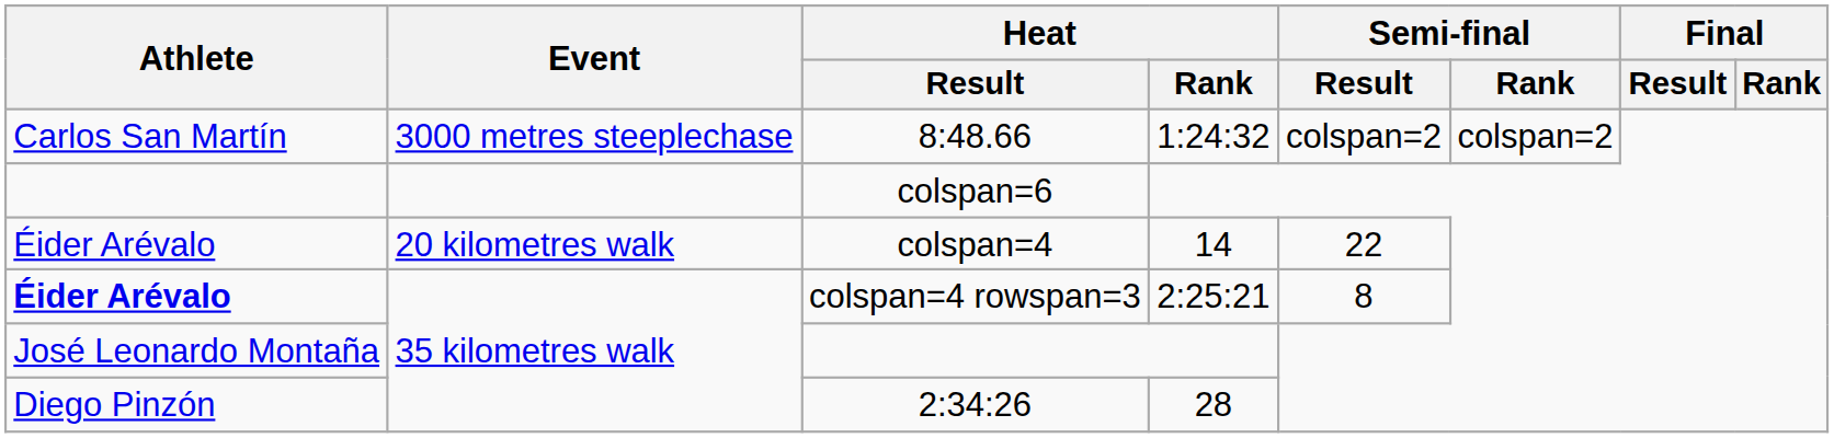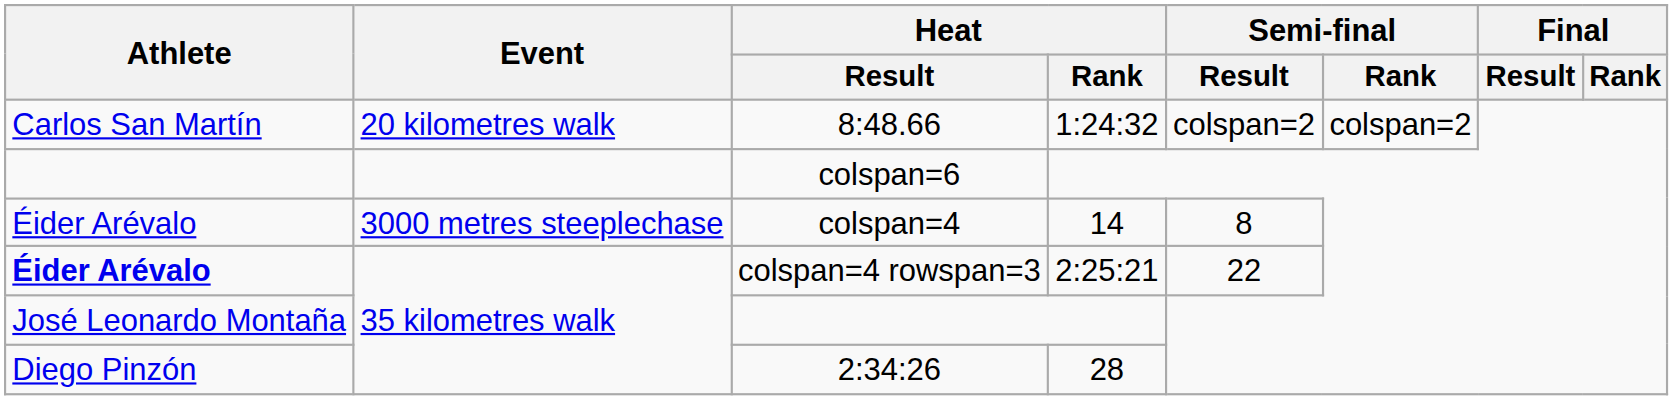 <table class="wikitable" style="font-size:90%">
 <tr>
 <th rowspan="2">Athlete</th>
 <th rowspan="2">Event</th>
 <th colspan="2">Heat</th>
 <th colspan="2">Semi-final</th>
 <th colspan="2">Final</th>
 </tr>
 <tr style="font-size:95%">
 <th>Result</th>
 <th>Rank</th>
 <th>Result</th>
 <th>Rank</th>
 <th>Result</th>
 <th>Rank</th>
 </tr>
 <tr align=center>
 <td align=left><a href='#'>Carlos San Martín</a></td>
-<td align=left><a href='#'>3000 metres steeplechase</a></td>
+<td align=left><a href='#'>20 kilometres walk</a></td>
 <td>8:48.66</td>
 <td>1:24:32</td>
 <td>colspan=2 </td>
 <td>colspan=2 </td>
 </tr>
 <tr align=center>
 <td></td>
 <td></td>
 <td>colspan=6 </td>
 </tr>
 <tr align=center>
 <td align=left><a href='#'>Éider Arévalo</a></td>
-<td align=left><a href='#'>20 kilometres walk</a></td>
+<td align=left><a href='#'>3000 metres steeplechase</a></td>
 <td>colspan=4 </td>
 <td>14</td>
-<td>22</td>
+<td>8</td>
 </tr>
 <tr align=center>
 <td align=left><strong><a href='#'>Éider Arévalo</a></strong></td>
 <td rowspan=3 align=left><a href='#'>35 kilometres walk</a></td>
 <td>colspan=4 rowspan=3 </td>
 <td>2:25:21 <strong></strong></td>
-<td>8</td>
+<td>22</td>
 </tr>
 <tr align=center>
 <td align=left><a href='#'>José Leonardo Montaña</a></td>
 <td colspan=2><strong></strong></td>
 </tr>
 <tr align=center>
 <td align=left><a href='#'>Diego Pinzón</a></td>
 <td>2:34:26 <strong></strong></td>
 <td>28</td>
 </tr>
 </table>
